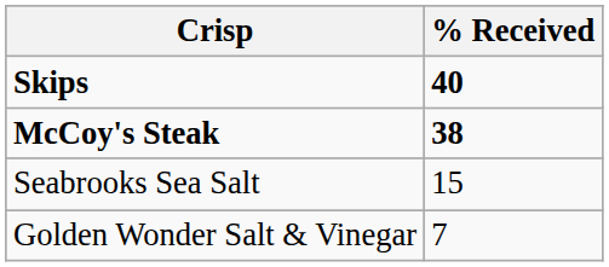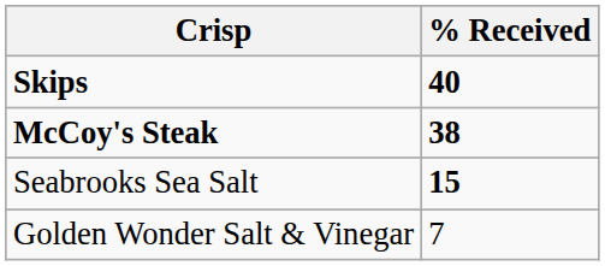 <table class="wikitable">
 <tr>
 <th>Crisp</th>
 <th>% Received</th>
 </tr>
 <tr>
 <td><strong>Skips</strong></td>
 <td><strong>40</strong></td>
 </tr>
 <tr>
 <td><strong>McCoy's Steak</strong></td>
 <td><strong>38</strong></td>
 </tr>
 <tr>
 <td>Seabrooks Sea Salt</td>
-<td>15</td>
+<td><strong>15</strong></td>
 </tr>
 <tr>
 <td>Golden Wonder Salt & Vinegar</td>
 <td>7</td>
 </tr>
 </table>
